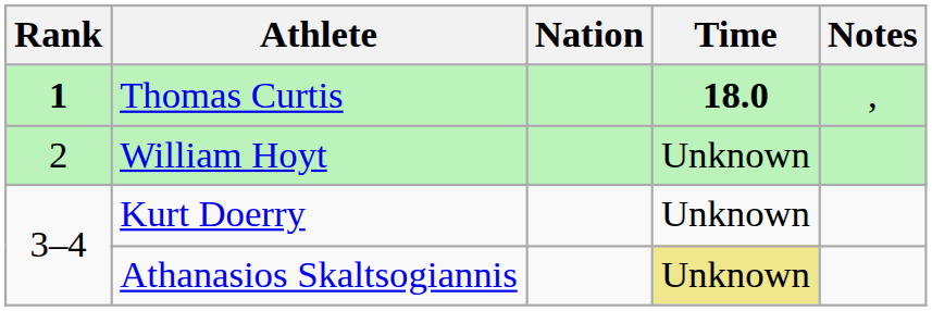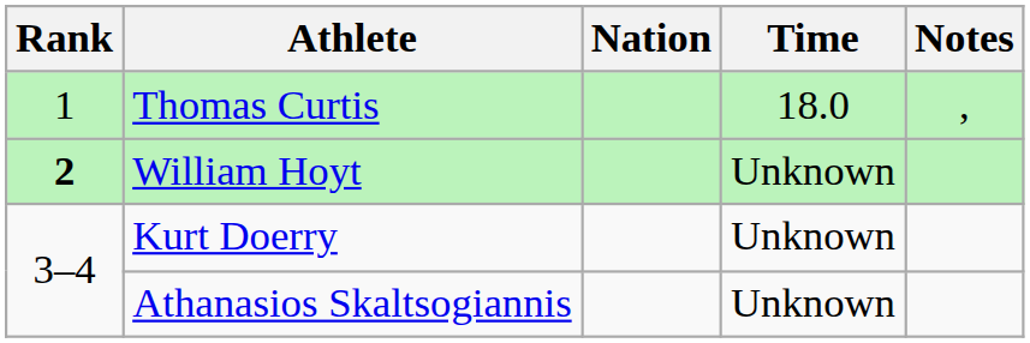 <table class="wikitable sortable" style="text-align:center">
 <tr>
 <th>Rank</th>
 <th>Athlete</th>
 <th>Nation</th>
 <th>Time</th>
 <th>Notes</th>
 </tr>
 <tr style="background:#bbf3bb;">
-<td><strong>1</strong></td>
+<td>1</td>
 <td align=left><a href='#'>Thomas Curtis</a></td>
 <td align=left></td>
-<td><strong>18.0</strong></td>
+<td>18.0</td>
 <td>, </td>
 </tr>
 <tr style="background:#bbf3bb;">
-<td>2</td>
+<td><strong>2</strong></td>
 <td align=left><a href='#'>William Hoyt</a></td>
 <td align=left></td>
 <td>Unknown</td>
 <td></td>
 </tr>
 <tr>
 <td rowspan=2>3–4</td>
 <td align=left><a href='#'>Kurt Doerry</a></td>
 <td align=left></td>
 <td>Unknown</td>
 <td></td>
 </tr>
 <tr>
 <td align=left><a href='#'>Athanasios Skaltsogiannis</a></td>
 <td align=left></td>
-<td style="background: khaki;">Unknown</td>
+<td>Unknown</td>
 <td></td>
 </tr>
 </table>
